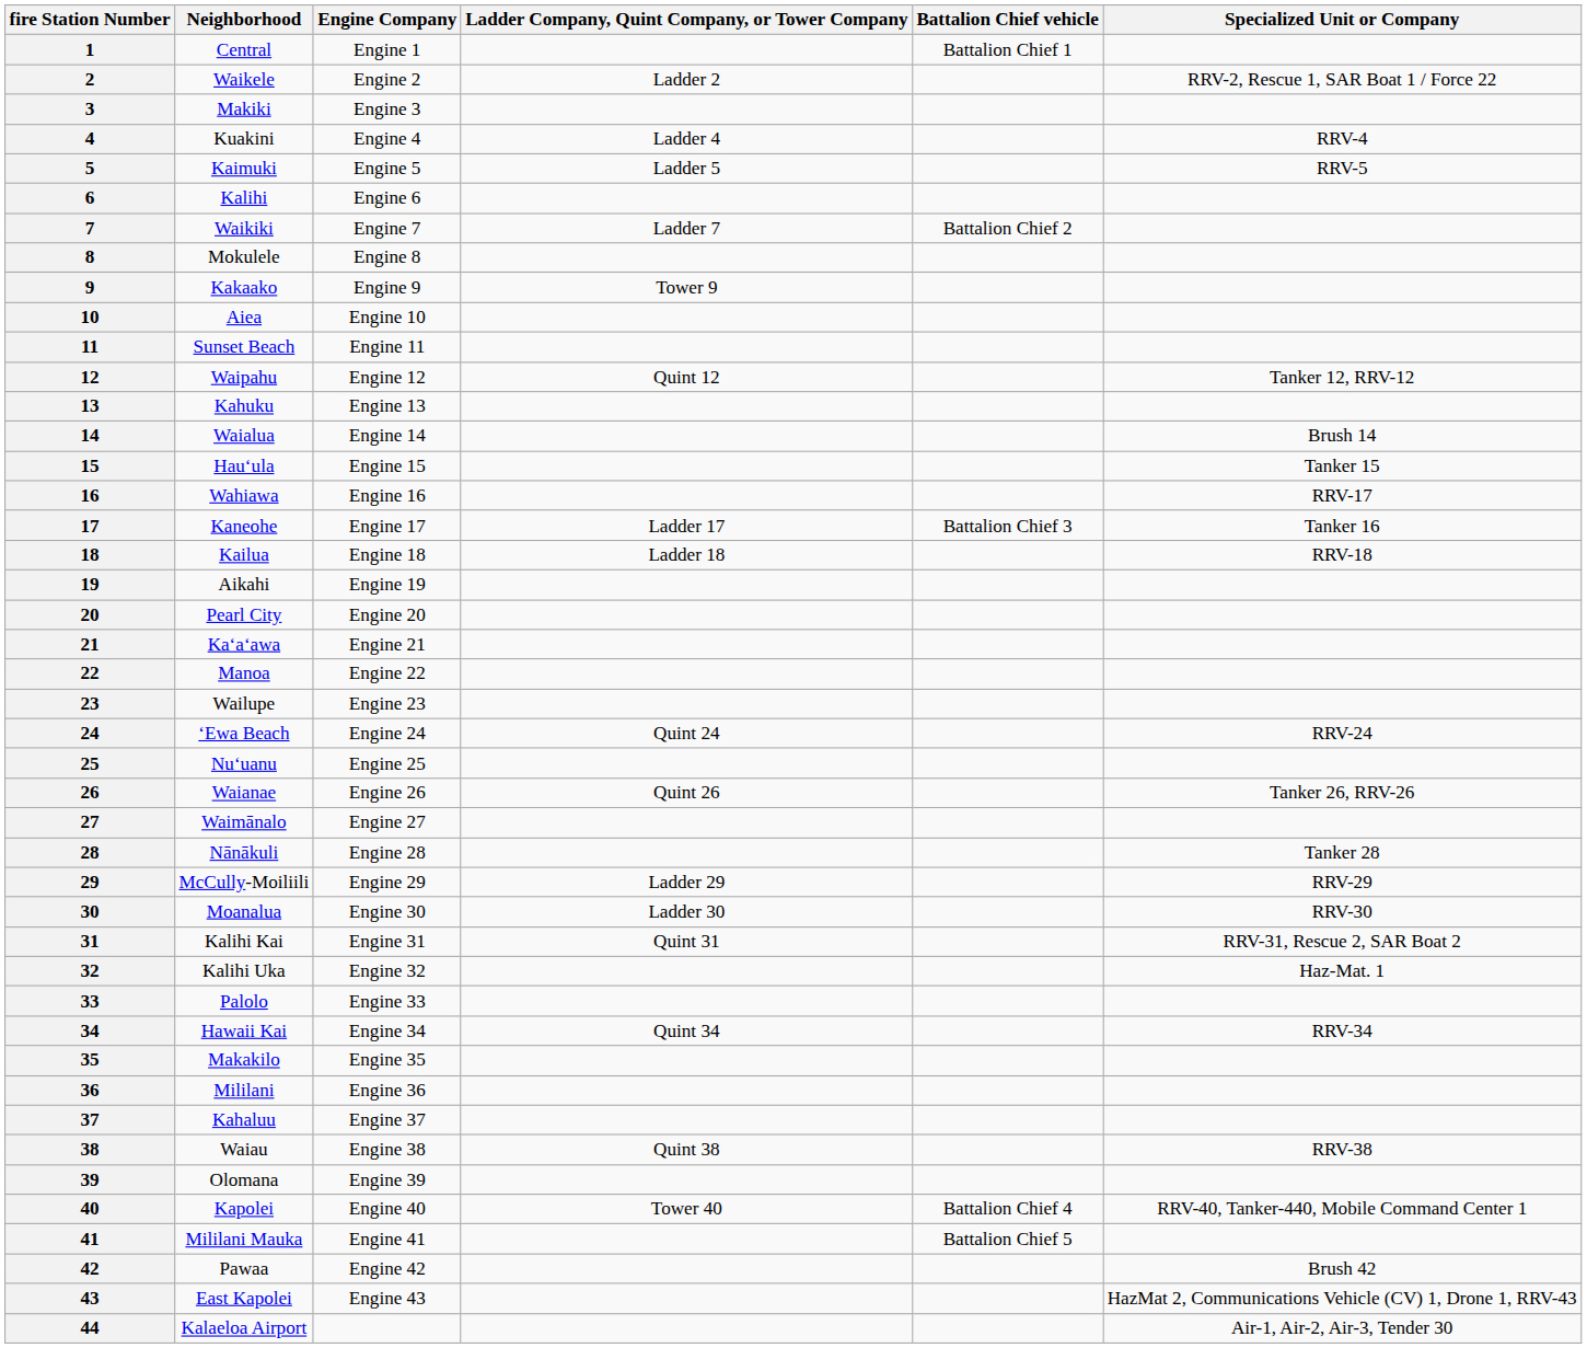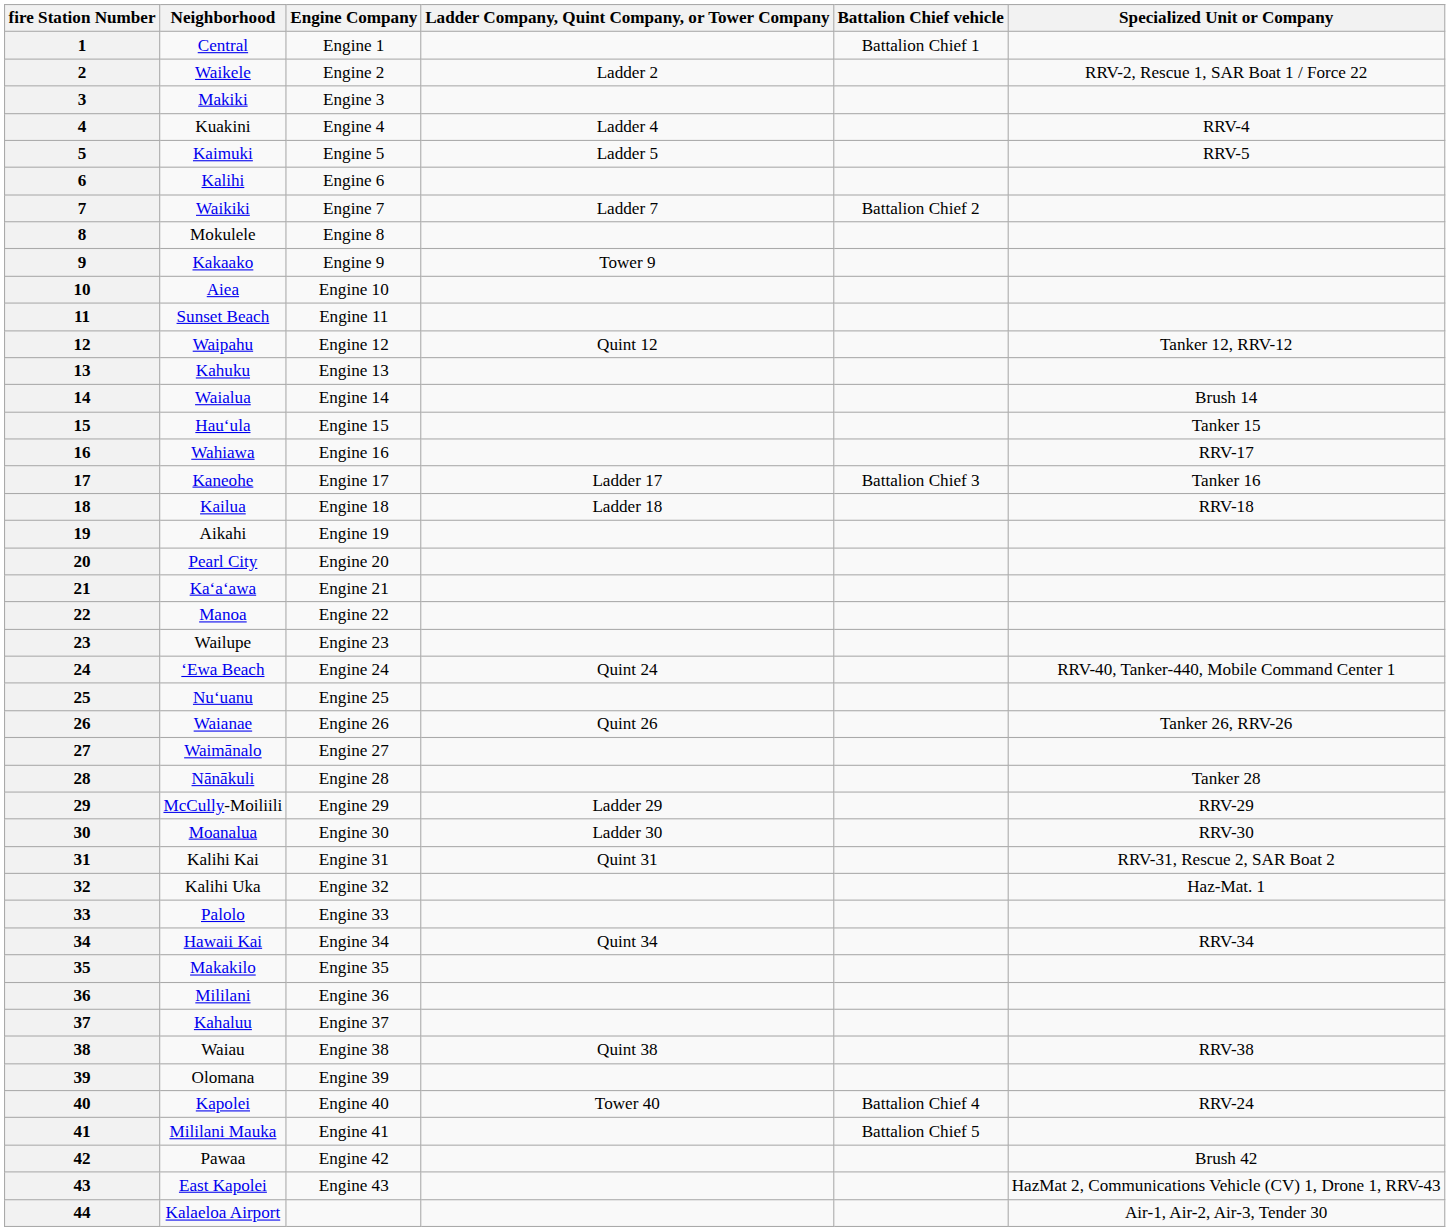 <table class=wikitable style="text-align:center;">
 <tr>
 <th>fire Station Number</th>
 <th>Neighborhood</th>
 <th>Engine Company</th>
 <th>Ladder Company, Quint Company, or Tower Company</th>
 <th>Battalion Chief vehicle</th>
 <th>Specialized Unit or Company</th>
 </tr>
 <tr>
 <th>1</th>
 <td><a href='#'>Central</a></td>
 <td>Engine 1</td>
 <td></td>
 <td>Battalion Chief 1</td>
 <td></td>
 </tr>
 <tr>
 <th>2</th>
 <td><a href='#'>Waikele</a></td>
 <td>Engine 2</td>
 <td>Ladder 2</td>
 <td></td>
 <td>RRV-2, Rescue 1, SAR Boat 1 / Force 22</td>
 </tr>
 <tr>
 <th>3</th>
 <td><a href='#'>Makiki</a></td>
 <td>Engine 3</td>
 <td></td>
 <td></td>
 <td></td>
 </tr>
 <tr>
 <th>4</th>
 <td>Kuakini</td>
 <td>Engine 4</td>
 <td>Ladder 4</td>
 <td></td>
 <td>RRV-4</td>
 </tr>
 <tr>
 <th>5</th>
 <td><a href='#'>Kaimuki</a></td>
 <td>Engine 5</td>
 <td>Ladder 5</td>
 <td></td>
 <td>RRV-5</td>
 </tr>
 <tr>
 <th>6</th>
 <td><a href='#'>Kalihi</a></td>
 <td>Engine 6</td>
 <td></td>
 <td></td>
 <td></td>
 </tr>
 <tr>
 <th>7</th>
 <td><a href='#'>Waikiki</a></td>
 <td>Engine 7</td>
 <td>Ladder 7</td>
 <td>Battalion Chief 2</td>
 <td></td>
 </tr>
 <tr>
 <th>8</th>
 <td>Mokulele</td>
 <td>Engine 8</td>
 <td></td>
 <td></td>
 <td></td>
 </tr>
 <tr>
 <th>9</th>
 <td><a href='#'>Kakaako</a></td>
 <td>Engine 9</td>
 <td>Tower 9</td>
 <td></td>
 <td></td>
 </tr>
 <tr>
 <th>10</th>
 <td><a href='#'>Aiea</a></td>
 <td>Engine 10</td>
 <td></td>
 <td></td>
 <td></td>
 </tr>
 <tr>
 <th>11</th>
 <td><a href='#'>Sunset Beach</a></td>
 <td>Engine 11</td>
 <td></td>
 <td></td>
 <td></td>
 </tr>
 <tr>
 <th>12</th>
 <td><a href='#'>Waipahu</a></td>
 <td>Engine 12</td>
 <td>Quint 12</td>
 <td></td>
 <td>Tanker 12, RRV-12</td>
 </tr>
 <tr>
 <th>13</th>
 <td><a href='#'>Kahuku</a></td>
 <td>Engine 13</td>
 <td></td>
 <td></td>
 <td></td>
 </tr>
 <tr>
 <th>14</th>
 <td><a href='#'>Waialua</a></td>
 <td>Engine 14</td>
 <td></td>
 <td></td>
 <td>Brush 14</td>
 </tr>
 <tr>
 <th>15</th>
 <td><a href='#'>Hauʻula</a></td>
 <td>Engine 15</td>
 <td></td>
 <td></td>
 <td>Tanker 15</td>
 </tr>
 <tr>
 <th>16</th>
 <td><a href='#'>Wahiawa</a></td>
 <td>Engine 16</td>
 <td></td>
 <td></td>
 <td>RRV-17</td>
 </tr>
 <tr>
 <th>17</th>
 <td><a href='#'>Kaneohe</a></td>
 <td>Engine 17</td>
 <td>Ladder 17</td>
 <td>Battalion Chief 3</td>
 <td>Tanker 16</td>
 </tr>
 <tr>
 <th>18</th>
 <td><a href='#'>Kailua</a></td>
 <td>Engine 18</td>
 <td>Ladder 18</td>
 <td></td>
 <td>RRV-18</td>
 </tr>
 <tr>
 <th>19</th>
 <td>Aikahi</td>
 <td>Engine 19</td>
 <td></td>
 <td></td>
 <td></td>
 </tr>
 <tr>
 <th>20</th>
 <td><a href='#'>Pearl City</a></td>
 <td>Engine 20</td>
 <td></td>
 <td></td>
 <td></td>
 </tr>
 <tr>
 <th>21</th>
 <td><a href='#'>Kaʻaʻawa</a></td>
 <td>Engine 21</td>
 <td></td>
 <td></td>
 <td></td>
 </tr>
 <tr>
 <th>22</th>
 <td><a href='#'>Manoa</a></td>
 <td>Engine 22</td>
 <td></td>
 <td></td>
 <td></td>
 </tr>
 <tr>
 <th>23</th>
 <td>Wailupe</td>
 <td>Engine 23</td>
 <td></td>
 <td></td>
 <td></td>
 </tr>
 <tr>
 <th>24</th>
 <td><a href='#'>ʻEwa Beach</a></td>
 <td>Engine 24</td>
 <td>Quint 24</td>
 <td></td>
-<td>RRV-24</td>
+<td>RRV-40, Tanker-440, Mobile Command Center 1</td>
 </tr>
 <tr>
 <th>25</th>
 <td><a href='#'>Nu‘uanu</a></td>
 <td>Engine 25</td>
 <td></td>
 <td></td>
 <td></td>
 </tr>
 <tr>
 <th>26</th>
 <td><a href='#'>Waianae</a></td>
 <td>Engine 26</td>
 <td>Quint 26</td>
 <td></td>
 <td>Tanker 26, RRV-26</td>
 </tr>
 <tr>
 <th>27</th>
 <td><a href='#'>Waimānalo</a></td>
 <td>Engine 27</td>
 <td></td>
 <td></td>
 <td Boat 27, Boat 27></td>
 </tr>
 <tr>
 <th>28</th>
 <td><a href='#'>Nānākuli</a></td>
 <td>Engine 28</td>
 <td></td>
 <td></td>
 <td>Tanker 28</td>
 </tr>
 <tr>
 <th>29</th>
 <td><a href='#'>McCully</a>-Moiliili</td>
 <td>Engine 29</td>
 <td>Ladder 29</td>
 <td></td>
 <td>RRV-29</td>
 </tr>
 <tr>
 <th>30</th>
 <td><a href='#'>Moanalua</a></td>
 <td>Engine 30</td>
 <td>Ladder 30</td>
 <td></td>
 <td>RRV-30</td>
 </tr>
 <tr>
 <th>31</th>
 <td>Kalihi Kai</td>
 <td>Engine 31</td>
 <td>Quint 31</td>
 <td></td>
 <td>RRV-31, Rescue 2, SAR Boat 2</td>
 </tr>
 <tr>
 <th>32</th>
 <td>Kalihi Uka</td>
 <td>Engine 32</td>
 <td></td>
 <td></td>
 <td>Haz-Mat. 1</td>
 </tr>
 <tr>
 <th>33</th>
 <td><a href='#'>Palolo</a></td>
 <td>Engine 33</td>
 <td></td>
 <td></td>
 <td></td>
 </tr>
 <tr>
 <th>34</th>
 <td><a href='#'>Hawaii Kai</a></td>
 <td>Engine 34</td>
 <td>Quint 34</td>
 <td></td>
 <td>RRV-34</td>
 </tr>
 <tr>
 <th>35</th>
 <td><a href='#'>Makakilo</a></td>
 <td>Engine 35</td>
 <td></td>
 <td></td>
 <td></td>
 </tr>
 <tr>
 <th>36</th>
 <td><a href='#'>Mililani</a></td>
 <td>Engine 36</td>
 <td></td>
 <td></td>
 <td></td>
 </tr>
 <tr>
 <th>37</th>
 <td><a href='#'>Kahaluu</a></td>
 <td>Engine 37</td>
 <td></td>
 <td></td>
 <td></td>
 </tr>
 <tr>
 <th>38</th>
 <td>Waiau</td>
 <td>Engine 38</td>
 <td>Quint 38</td>
 <td></td>
 <td>RRV-38</td>
 </tr>
 <tr>
 <th>39</th>
 <td>Olomana</td>
 <td>Engine 39</td>
 <td></td>
 <td></td>
 <td></td>
 </tr>
 <tr>
 <th>40</th>
 <td><a href='#'>Kapolei</a></td>
 <td>Engine 40</td>
 <td>Tower 40</td>
 <td>Battalion Chief 4</td>
-<td>RRV-40, Tanker-440, Mobile Command Center 1</td>
+<td>RRV-24</td>
 </tr>
 <tr>
 <th>41</th>
 <td><a href='#'>Mililani Mauka</a></td>
 <td>Engine 41</td>
 <td></td>
 <td>Battalion Chief 5</td>
 <td></td>
 </tr>
 <tr>
 <th>42</th>
 <td>Pawaa</td>
 <td>Engine 42</td>
 <td></td>
 <td></td>
 <td>Brush 42</td>
 </tr>
 <tr>
 <th>43</th>
 <td><a href='#'>East Kapolei</a></td>
 <td>Engine 43</td>
 <td></td>
 <td></td>
 <td>HazMat 2, Communications Vehicle (CV) 1, Drone 1, RRV-43</td>
 </tr>
 <tr>
 <th>44</th>
 <td><a href='#'>Kalaeloa Airport  </a></td>
 <td></td>
 <td></td>
 <td></td>
 <td>Air-1, Air-2, Air-3, Tender 30</td>
 </tr>
 </table>
